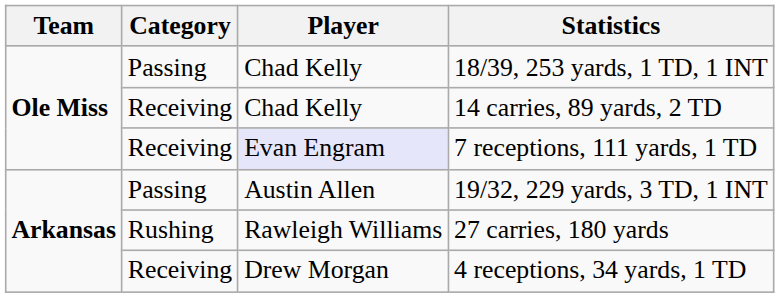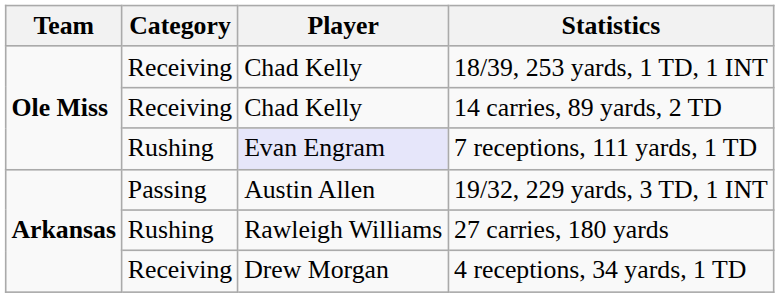 <table class="wikitable" style="float: right;">
 <tr>
 <th>Team</th>
 <th>Category</th>
 <th>Player</th>
 <th>Statistics</th>
 </tr>
 <tr>
 <td rowspan=3><strong>Ole Miss</strong></td>
-<td>Passing</td>
+<td>Receiving</td>
 <td>Chad Kelly</td>
 <td>18/39, 253 yards, 1 TD, 1 INT</td>
 </tr>
 <tr>
 <td>Receiving</td>
 <td>Chad Kelly</td>
 <td>14 carries, 89 yards, 2 TD</td>
 </tr>
 <tr>
-<td>Receiving</td>
+<td>Rushing</td>
 <td style="background: lavender;">Evan Engram</td>
 <td>7 receptions, 111 yards, 1 TD</td>
 </tr>
 <tr>
 <td rowspan=3><strong>Arkansas</strong></td>
 <td>Passing</td>
 <td>Austin Allen</td>
 <td>19/32, 229 yards, 3 TD, 1 INT</td>
 </tr>
 <tr>
 <td>Rushing</td>
 <td>Rawleigh Williams</td>
 <td>27 carries, 180 yards</td>
 </tr>
 <tr>
 <td>Receiving</td>
 <td>Drew Morgan</td>
 <td>4 receptions, 34 yards, 1 TD</td>
 </tr>
 </table>
